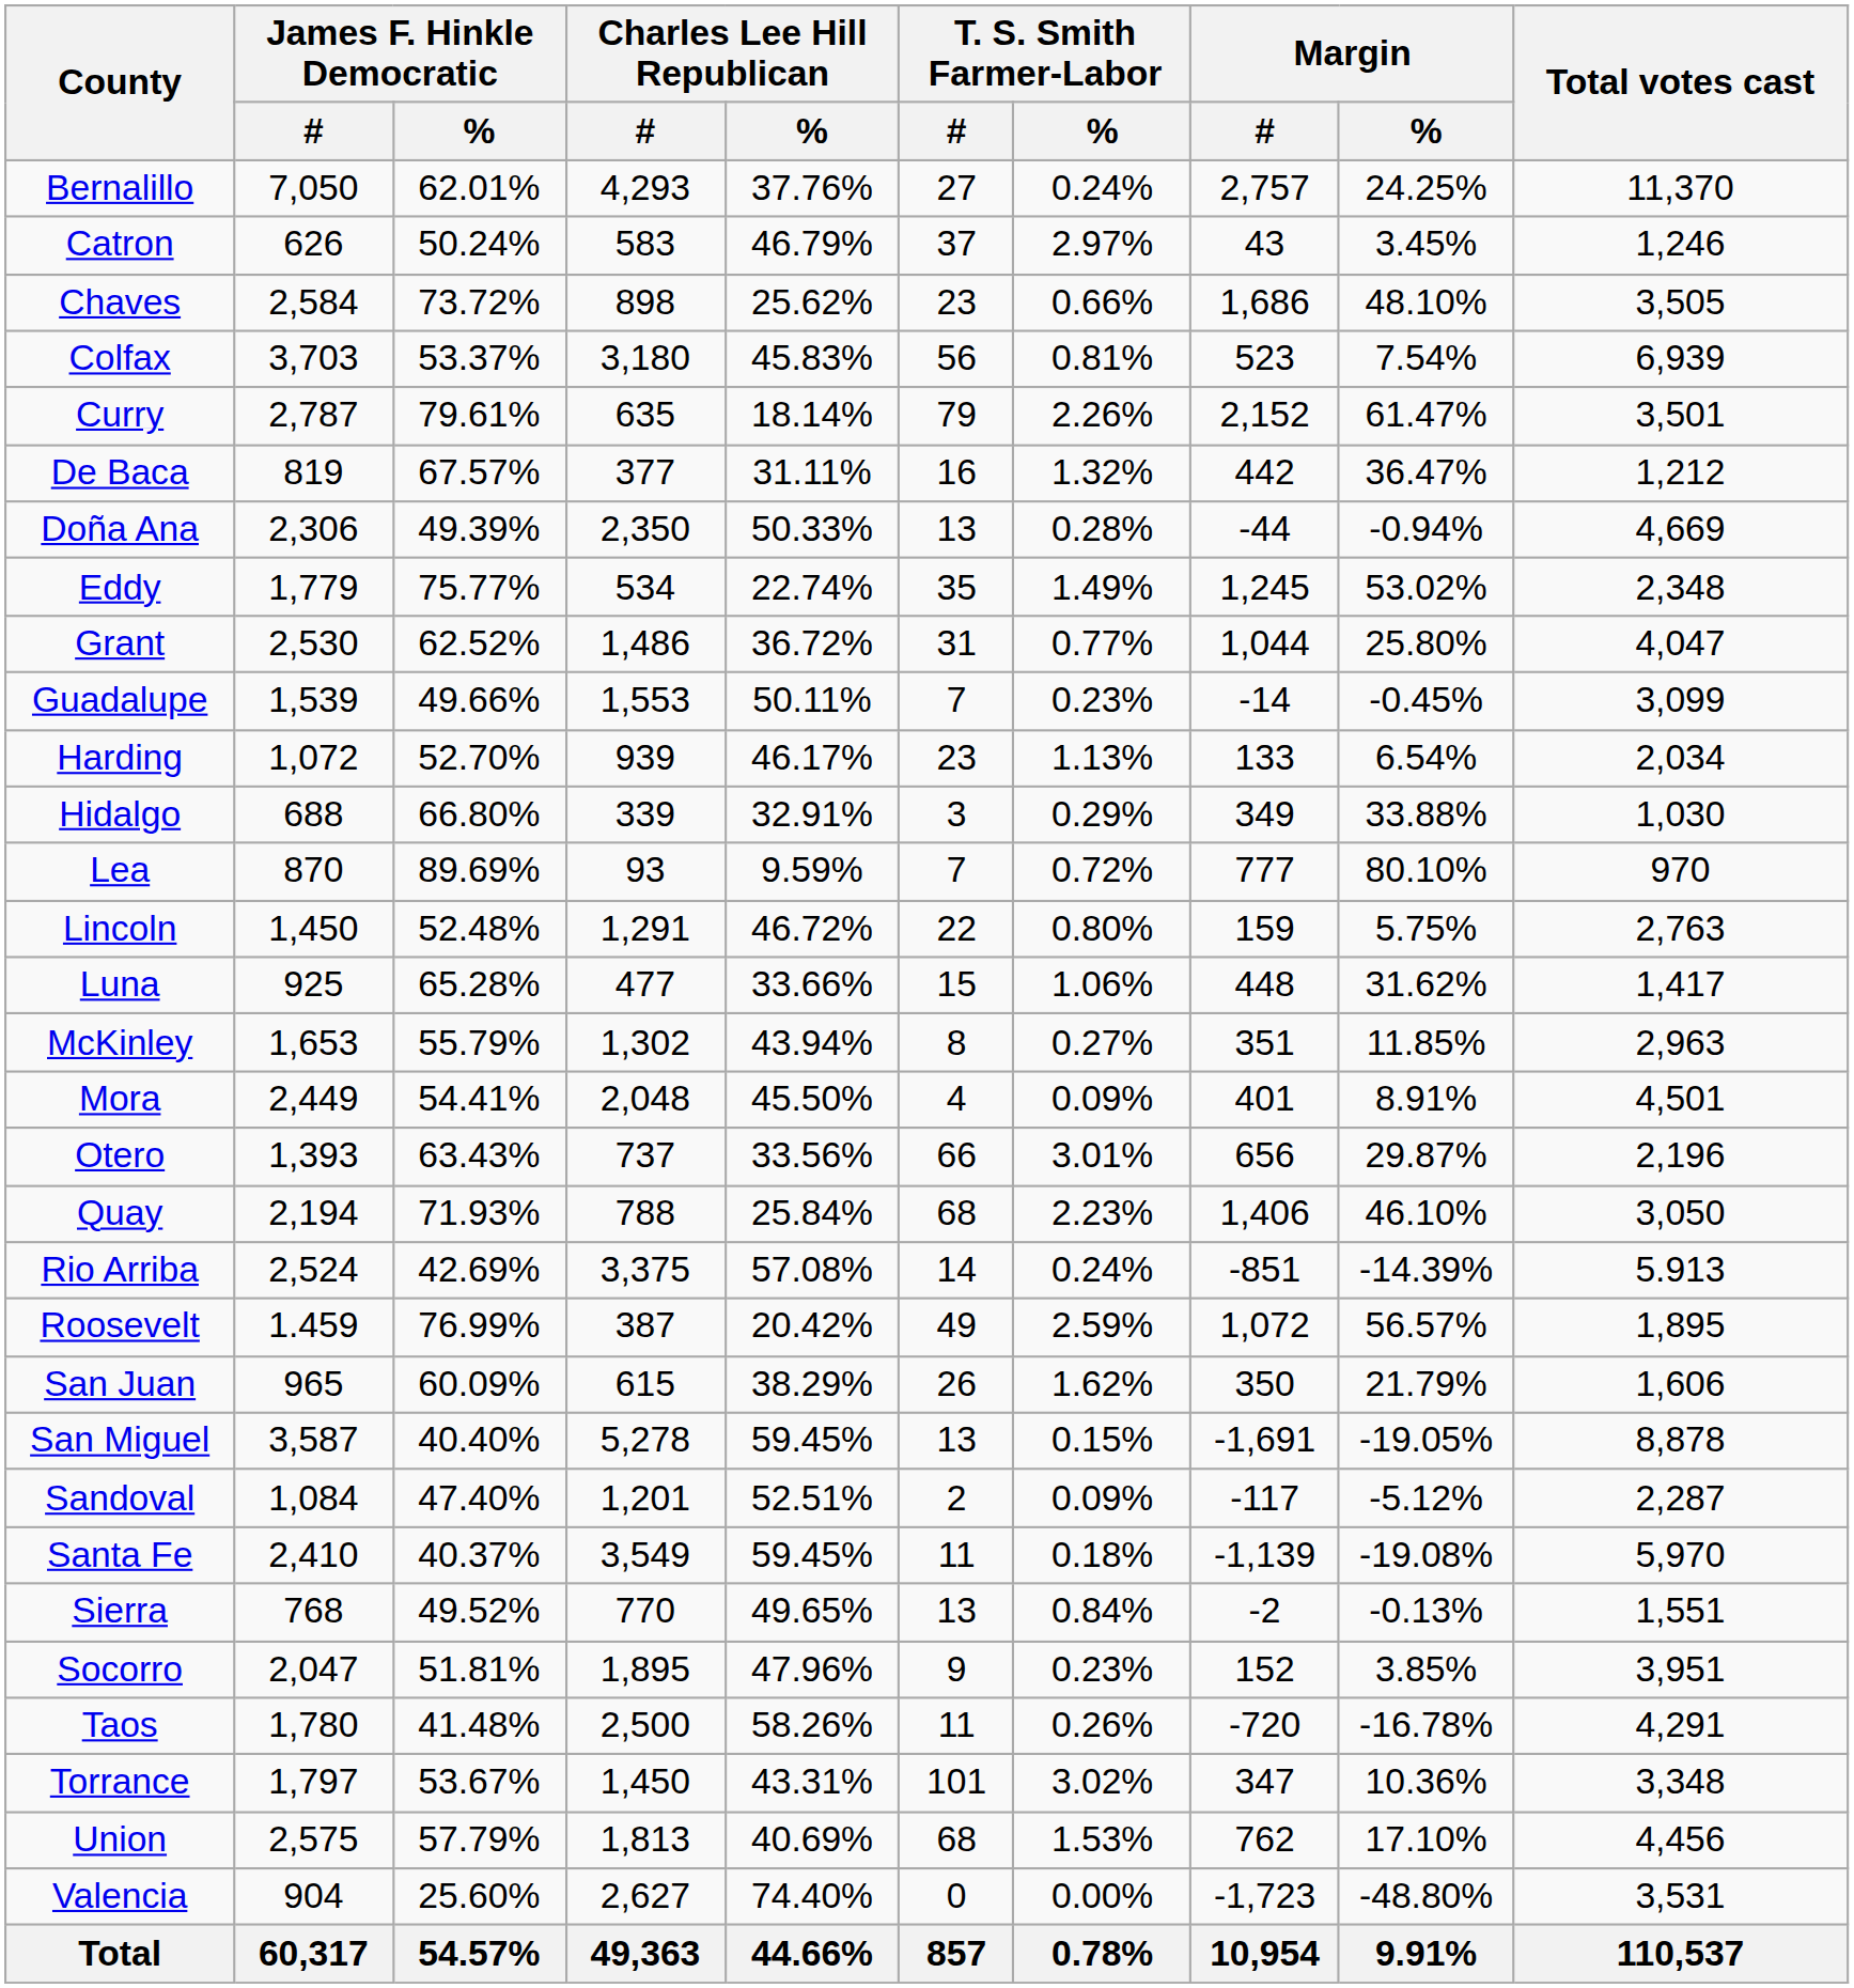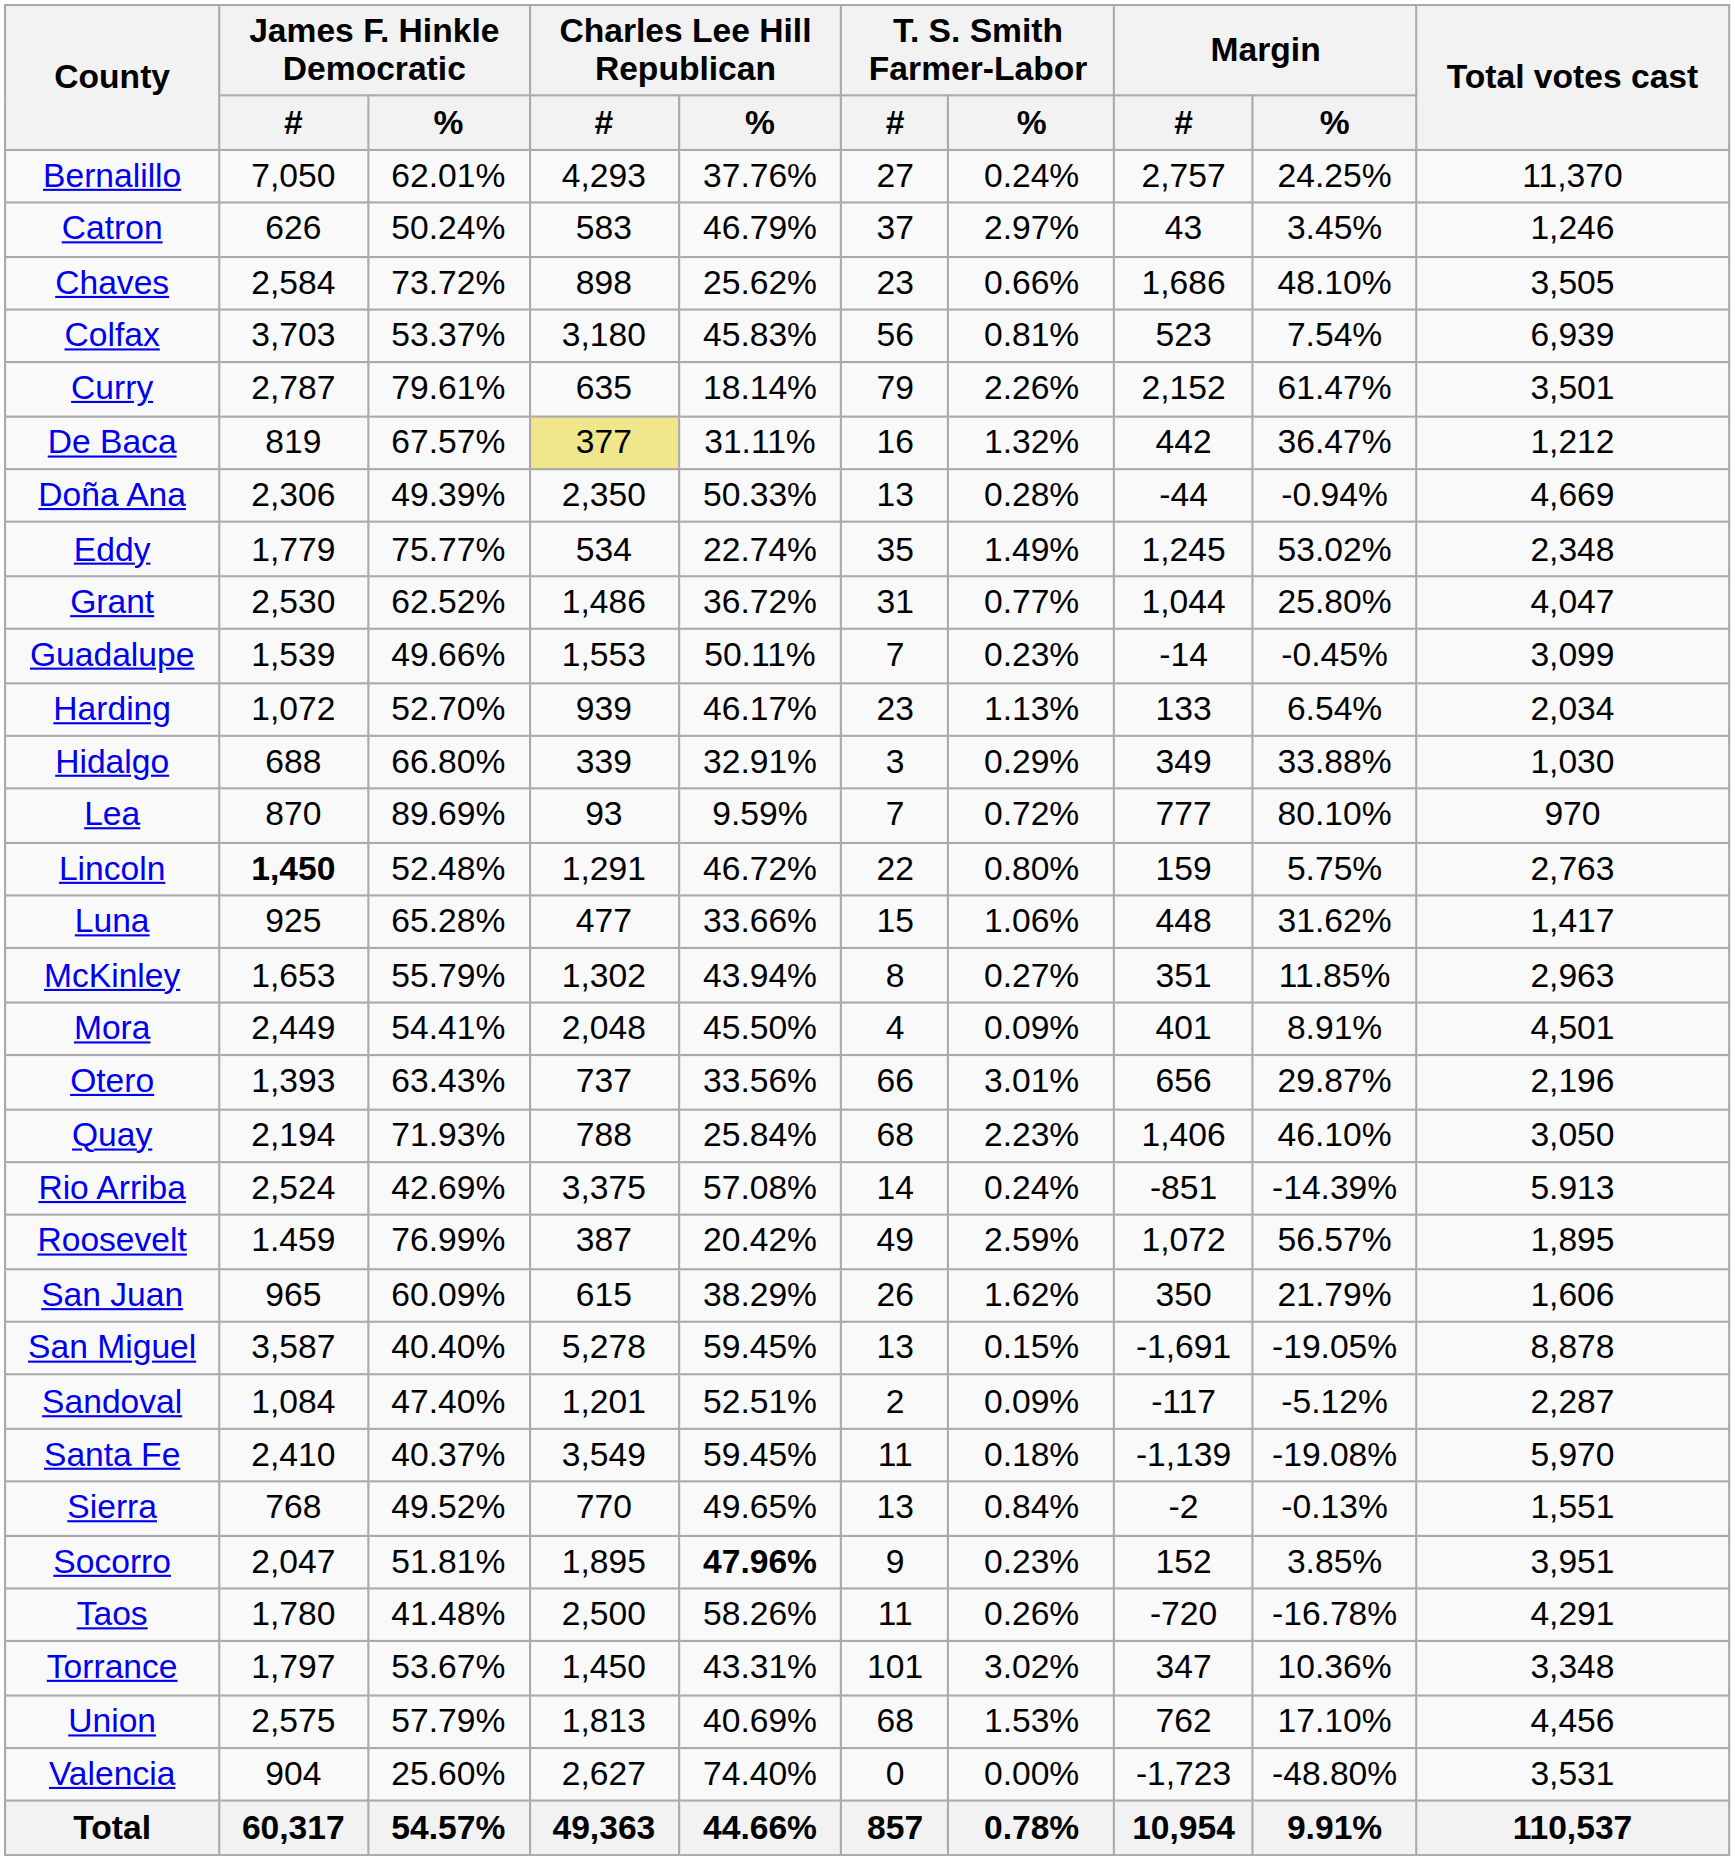 <table width="65%" class="wikitable sortable" style="text-align:center">
 <tr>
 <th style="text-align:center;" rowspan="2">County</th>
 <th style="text-align:center;" colspan="2">James F. Hinkle<br>Democratic</th>
 <th style="text-align:center;" colspan="2">Charles Lee Hill<br>Republican</th>
 <th style="text-align:center;" colspan="2">T. S. Smith<br>Farmer-Labor</th>
 <th style="text-align:center;" colspan="2">Margin</th>
 <th style="text-align:center;" rowspan="2">Total votes cast</th>
 </tr>
 <tr>
 <th style="text-align:center;" data-sort-type="number">#</th>
 <th style="text-align:center;" data-sort-type="number">%</th>
 <th style="text-align:center;" data-sort-type="number">#</th>
 <th style="text-align:center;" data-sort-type="number">%</th>
 <th style="text-align:center;" data-sort-type="number">#</th>
 <th style="text-align:center;" data-sort-type="number">%</th>
 <th style="text-align:center;" data-sort-type="number">#</th>
 <th style="text-align:center;" data-sort-type="number">%</th>
 </tr>
 <tr style="text-align:center;">
 <td><a href='#'>Bernalillo</a></td>
 <td>7,050</td>
 <td>62.01%</td>
 <td>4,293</td>
 <td>37.76%</td>
 <td>27</td>
 <td>0.24%</td>
 <td>2,757</td>
 <td>24.25%</td>
 <td>11,370</td>
 </tr>
 <tr style="text-align:center;">
 <td><a href='#'>Catron</a></td>
 <td>626</td>
 <td>50.24%</td>
 <td>583</td>
 <td>46.79%</td>
 <td>37</td>
 <td>2.97%</td>
 <td>43</td>
 <td>3.45%</td>
 <td>1,246</td>
 </tr>
 <tr style="text-align:center;">
 <td><a href='#'>Chaves</a></td>
 <td>2,584</td>
 <td>73.72%</td>
 <td>898</td>
 <td>25.62%</td>
 <td>23</td>
 <td>0.66%</td>
 <td>1,686</td>
 <td>48.10%</td>
 <td>3,505</td>
 </tr>
 <tr style="text-align:center;">
 <td><a href='#'>Colfax</a></td>
 <td>3,703</td>
 <td>53.37%</td>
 <td>3,180</td>
 <td>45.83%</td>
 <td>56</td>
 <td>0.81%</td>
 <td>523</td>
 <td>7.54%</td>
 <td>6,939</td>
 </tr>
 <tr style="text-align:center;">
 <td><a href='#'>Curry</a></td>
 <td>2,787</td>
 <td>79.61%</td>
 <td>635</td>
 <td>18.14%</td>
 <td>79</td>
 <td>2.26%</td>
 <td>2,152</td>
 <td>61.47%</td>
 <td>3,501</td>
 </tr>
 <tr style="text-align:center;">
 <td><a href='#'>De Baca</a></td>
 <td>819</td>
 <td>67.57%</td>
-<td>377</td>
+<td style="background: khaki;">377</td>
 <td>31.11%</td>
 <td>16</td>
 <td>1.32%</td>
 <td>442</td>
 <td>36.47%</td>
 <td>1,212</td>
 </tr>
 <tr style="text-align:center;">
 <td><a href='#'>Doña Ana</a></td>
 <td>2,306</td>
 <td>49.39%</td>
 <td>2,350</td>
 <td>50.33%</td>
 <td>13</td>
 <td>0.28%</td>
 <td>-44</td>
 <td>-0.94%</td>
 <td>4,669</td>
 </tr>
 <tr style="text-align:center;">
 <td><a href='#'>Eddy</a></td>
 <td>1,779</td>
 <td>75.77%</td>
 <td>534</td>
 <td>22.74%</td>
 <td>35</td>
 <td>1.49%</td>
 <td>1,245</td>
 <td>53.02%</td>
 <td>2,348</td>
 </tr>
 <tr style="text-align:center;">
 <td><a href='#'>Grant</a></td>
 <td>2,530</td>
 <td>62.52%</td>
 <td>1,486</td>
 <td>36.72%</td>
 <td>31</td>
 <td>0.77%</td>
 <td>1,044</td>
 <td>25.80%</td>
 <td>4,047</td>
 </tr>
 <tr style="text-align:center;">
 <td><a href='#'>Guadalupe</a></td>
 <td>1,539</td>
 <td>49.66%</td>
 <td>1,553</td>
 <td>50.11%</td>
 <td>7</td>
 <td>0.23%</td>
 <td>-14</td>
 <td>-0.45%</td>
 <td>3,099</td>
 </tr>
 <tr style="text-align:center;">
 <td><a href='#'>Harding</a></td>
 <td>1,072</td>
 <td>52.70%</td>
 <td>939</td>
 <td>46.17%</td>
 <td>23</td>
 <td>1.13%</td>
 <td>133</td>
 <td>6.54%</td>
 <td>2,034</td>
 </tr>
 <tr style="text-align:center;">
 <td><a href='#'>Hidalgo</a></td>
 <td>688</td>
 <td>66.80%</td>
 <td>339</td>
 <td>32.91%</td>
 <td>3</td>
 <td>0.29%</td>
 <td>349</td>
 <td>33.88%</td>
 <td>1,030</td>
 </tr>
 <tr style="text-align:center;">
 <td><a href='#'>Lea</a></td>
 <td>870</td>
 <td>89.69%</td>
 <td>93</td>
 <td>9.59%</td>
 <td>7</td>
 <td>0.72%</td>
 <td>777</td>
 <td>80.10%</td>
 <td>970</td>
 </tr>
 <tr style="text-align:center;">
 <td><a href='#'>Lincoln</a></td>
-<td>1,450</td>
+<td><strong>1,450</strong></td>
 <td>52.48%</td>
 <td>1,291</td>
 <td>46.72%</td>
 <td>22</td>
 <td>0.80%</td>
 <td>159</td>
 <td>5.75%</td>
 <td>2,763</td>
 </tr>
 <tr style="text-align:center;">
 <td><a href='#'>Luna</a></td>
 <td>925</td>
 <td>65.28%</td>
 <td>477</td>
 <td>33.66%</td>
 <td>15</td>
 <td>1.06%</td>
 <td>448</td>
 <td>31.62%</td>
 <td>1,417</td>
 </tr>
 <tr style="text-align:center;">
 <td><a href='#'>McKinley</a></td>
 <td>1,653</td>
 <td>55.79%</td>
 <td>1,302</td>
 <td>43.94%</td>
 <td>8</td>
 <td>0.27%</td>
 <td>351</td>
 <td>11.85%</td>
 <td>2,963</td>
 </tr>
 <tr style="text-align:center;">
 <td><a href='#'>Mora</a></td>
 <td>2,449</td>
 <td>54.41%</td>
 <td>2,048</td>
 <td>45.50%</td>
 <td>4</td>
 <td>0.09%</td>
 <td>401</td>
 <td>8.91%</td>
 <td>4,501</td>
 </tr>
 <tr style="text-align:center;">
 <td><a href='#'>Otero</a></td>
 <td>1,393</td>
 <td>63.43%</td>
 <td>737</td>
 <td>33.56%</td>
 <td>66</td>
 <td>3.01%</td>
 <td>656</td>
 <td>29.87%</td>
 <td>2,196</td>
 </tr>
 <tr style="text-align:center;">
 <td><a href='#'>Quay</a></td>
 <td>2,194</td>
 <td>71.93%</td>
 <td>788</td>
 <td>25.84%</td>
 <td>68</td>
 <td>2.23%</td>
 <td>1,406</td>
 <td>46.10%</td>
 <td>3,050</td>
 </tr>
 <tr style="text-align:center;">
 <td><a href='#'>Rio Arriba</a></td>
 <td>2,524</td>
 <td>42.69%</td>
 <td>3,375</td>
 <td>57.08%</td>
 <td>14</td>
 <td>0.24%</td>
 <td>-851</td>
 <td>-14.39%</td>
 <td>5.913</td>
 </tr>
 <tr style="text-align:center;">
 <td><a href='#'>Roosevelt</a></td>
 <td>1.459</td>
 <td>76.99%</td>
 <td>387</td>
 <td>20.42%</td>
 <td>49</td>
 <td>2.59%</td>
 <td>1,072</td>
 <td>56.57%</td>
 <td>1,895</td>
 </tr>
 <tr style="text-align:center;">
 <td><a href='#'>San Juan</a></td>
 <td>965</td>
 <td>60.09%</td>
 <td>615</td>
 <td>38.29%</td>
 <td>26</td>
 <td>1.62%</td>
 <td>350</td>
 <td>21.79%</td>
 <td>1,606</td>
 </tr>
 <tr style="text-align:center;">
 <td><a href='#'>San Miguel</a></td>
 <td>3,587</td>
 <td>40.40%</td>
 <td>5,278</td>
 <td>59.45%</td>
 <td>13</td>
 <td>0.15%</td>
 <td>-1,691</td>
 <td>-19.05%</td>
 <td>8,878</td>
 </tr>
 <tr style="text-align:center;">
 <td><a href='#'>Sandoval</a></td>
 <td>1,084</td>
 <td>47.40%</td>
 <td>1,201</td>
 <td>52.51%</td>
 <td>2</td>
 <td>0.09%</td>
 <td>-117</td>
 <td>-5.12%</td>
 <td>2,287</td>
 </tr>
 <tr style="text-align:center;">
 <td><a href='#'>Santa Fe</a></td>
 <td>2,410</td>
 <td>40.37%</td>
 <td>3,549</td>
 <td>59.45%</td>
 <td>11</td>
 <td>0.18%</td>
 <td>-1,139</td>
 <td>-19.08%</td>
 <td>5,970</td>
 </tr>
 <tr style="text-align:center;">
 <td><a href='#'>Sierra</a></td>
 <td>768</td>
 <td>49.52%</td>
 <td>770</td>
 <td>49.65%</td>
 <td>13</td>
 <td>0.84%</td>
 <td>-2</td>
 <td>-0.13%</td>
 <td>1,551</td>
 </tr>
 <tr style="text-align:center;">
 <td><a href='#'>Socorro</a></td>
 <td>2,047</td>
 <td>51.81%</td>
 <td>1,895</td>
-<td>47.96%</td>
+<td><strong>47.96%</strong></td>
 <td>9</td>
 <td>0.23%</td>
 <td>152</td>
 <td>3.85%</td>
 <td>3,951</td>
 </tr>
 <tr style="text-align:center;">
 <td><a href='#'>Taos</a></td>
 <td>1,780</td>
 <td>41.48%</td>
 <td>2,500</td>
 <td>58.26%</td>
 <td>11</td>
 <td>0.26%</td>
 <td>-720</td>
 <td>-16.78%</td>
 <td>4,291</td>
 </tr>
 <tr style="text-align:center;">
 <td><a href='#'>Torrance</a></td>
 <td>1,797</td>
 <td>53.67%</td>
 <td>1,450</td>
 <td>43.31%</td>
 <td>101</td>
 <td>3.02%</td>
 <td>347</td>
 <td>10.36%</td>
 <td>3,348</td>
 </tr>
 <tr style="text-align:center;">
 <td><a href='#'>Union</a></td>
 <td>2,575</td>
 <td>57.79%</td>
 <td>1,813</td>
 <td>40.69%</td>
 <td>68</td>
 <td>1.53%</td>
 <td>762</td>
 <td>17.10%</td>
 <td>4,456</td>
 </tr>
 <tr style="text-align:center;">
 <td><a href='#'>Valencia</a></td>
 <td>904</td>
 <td>25.60%</td>
 <td>2,627</td>
 <td>74.40%</td>
 <td>0</td>
 <td>0.00%</td>
 <td>-1,723</td>
 <td>-48.80%</td>
 <td>3,531</td>
 </tr>
 <tr style="text-align:center;">
 <th>Total</th>
 <th>60,317</th>
 <th>54.57%</th>
 <th>49,363</th>
 <th>44.66%</th>
 <th>857</th>
 <th>0.78%</th>
 <th>10,954</th>
 <th>9.91%</th>
 <th>110,537</th>
 </tr>
 </table>
